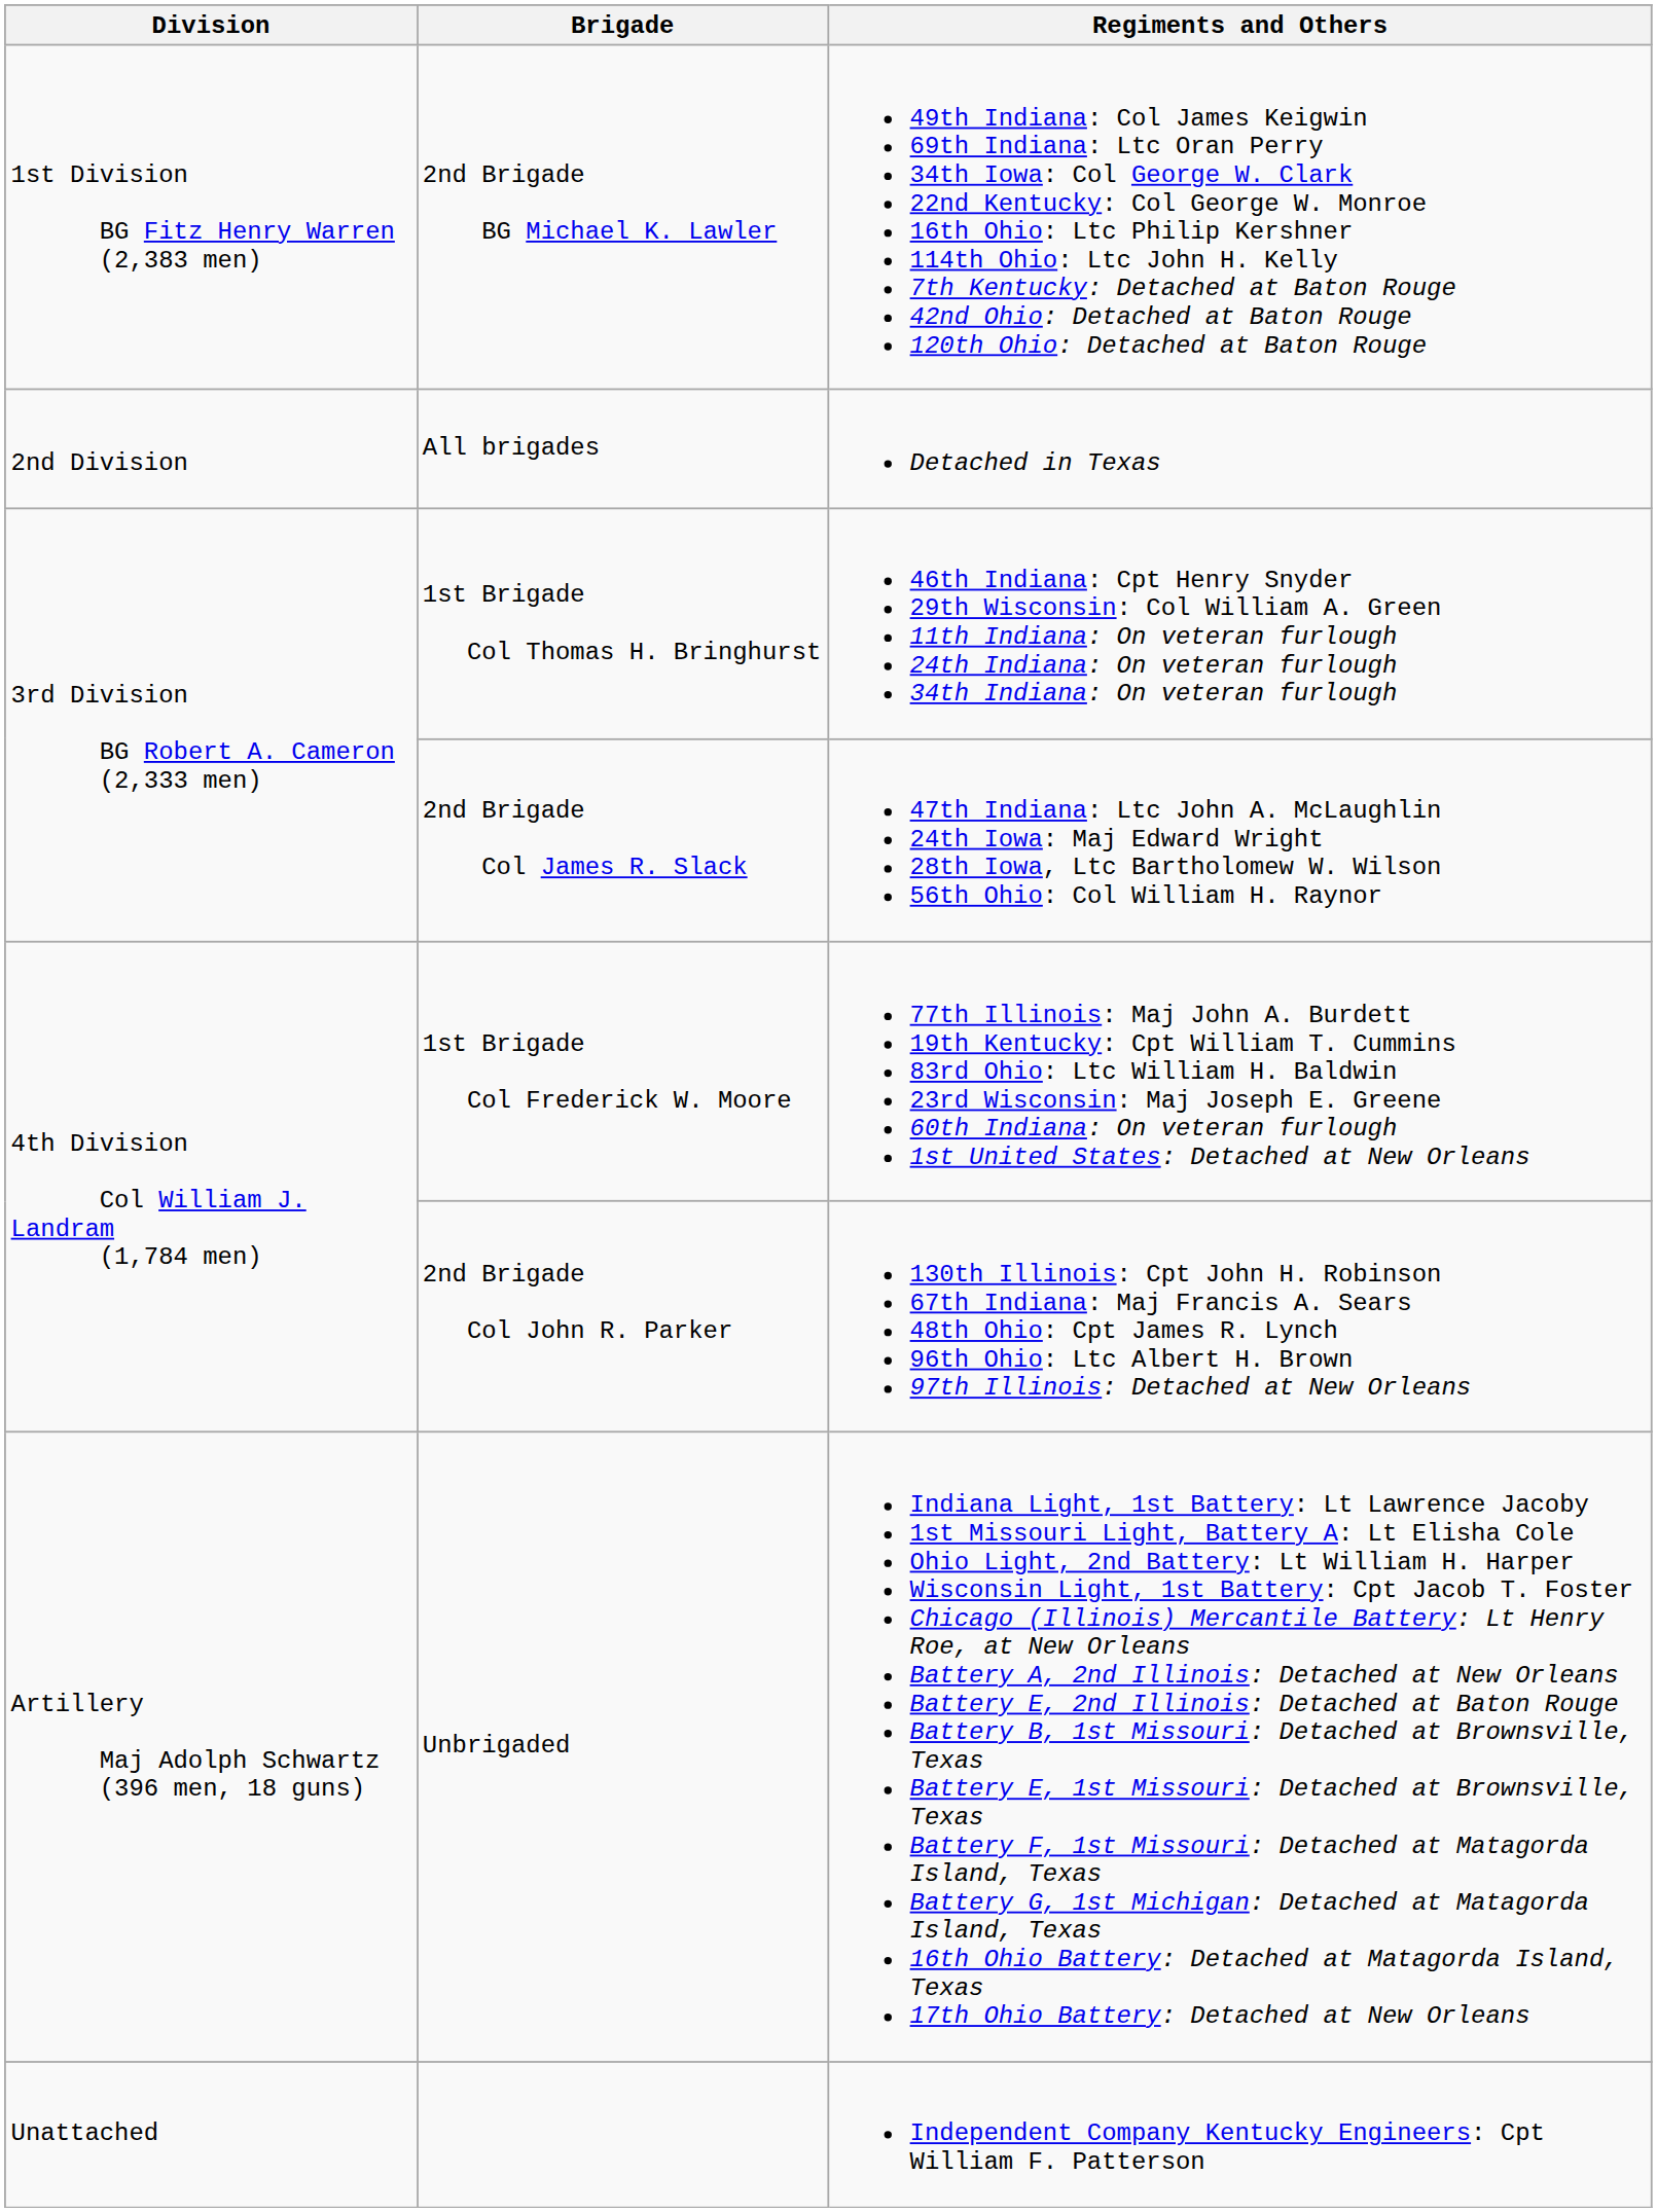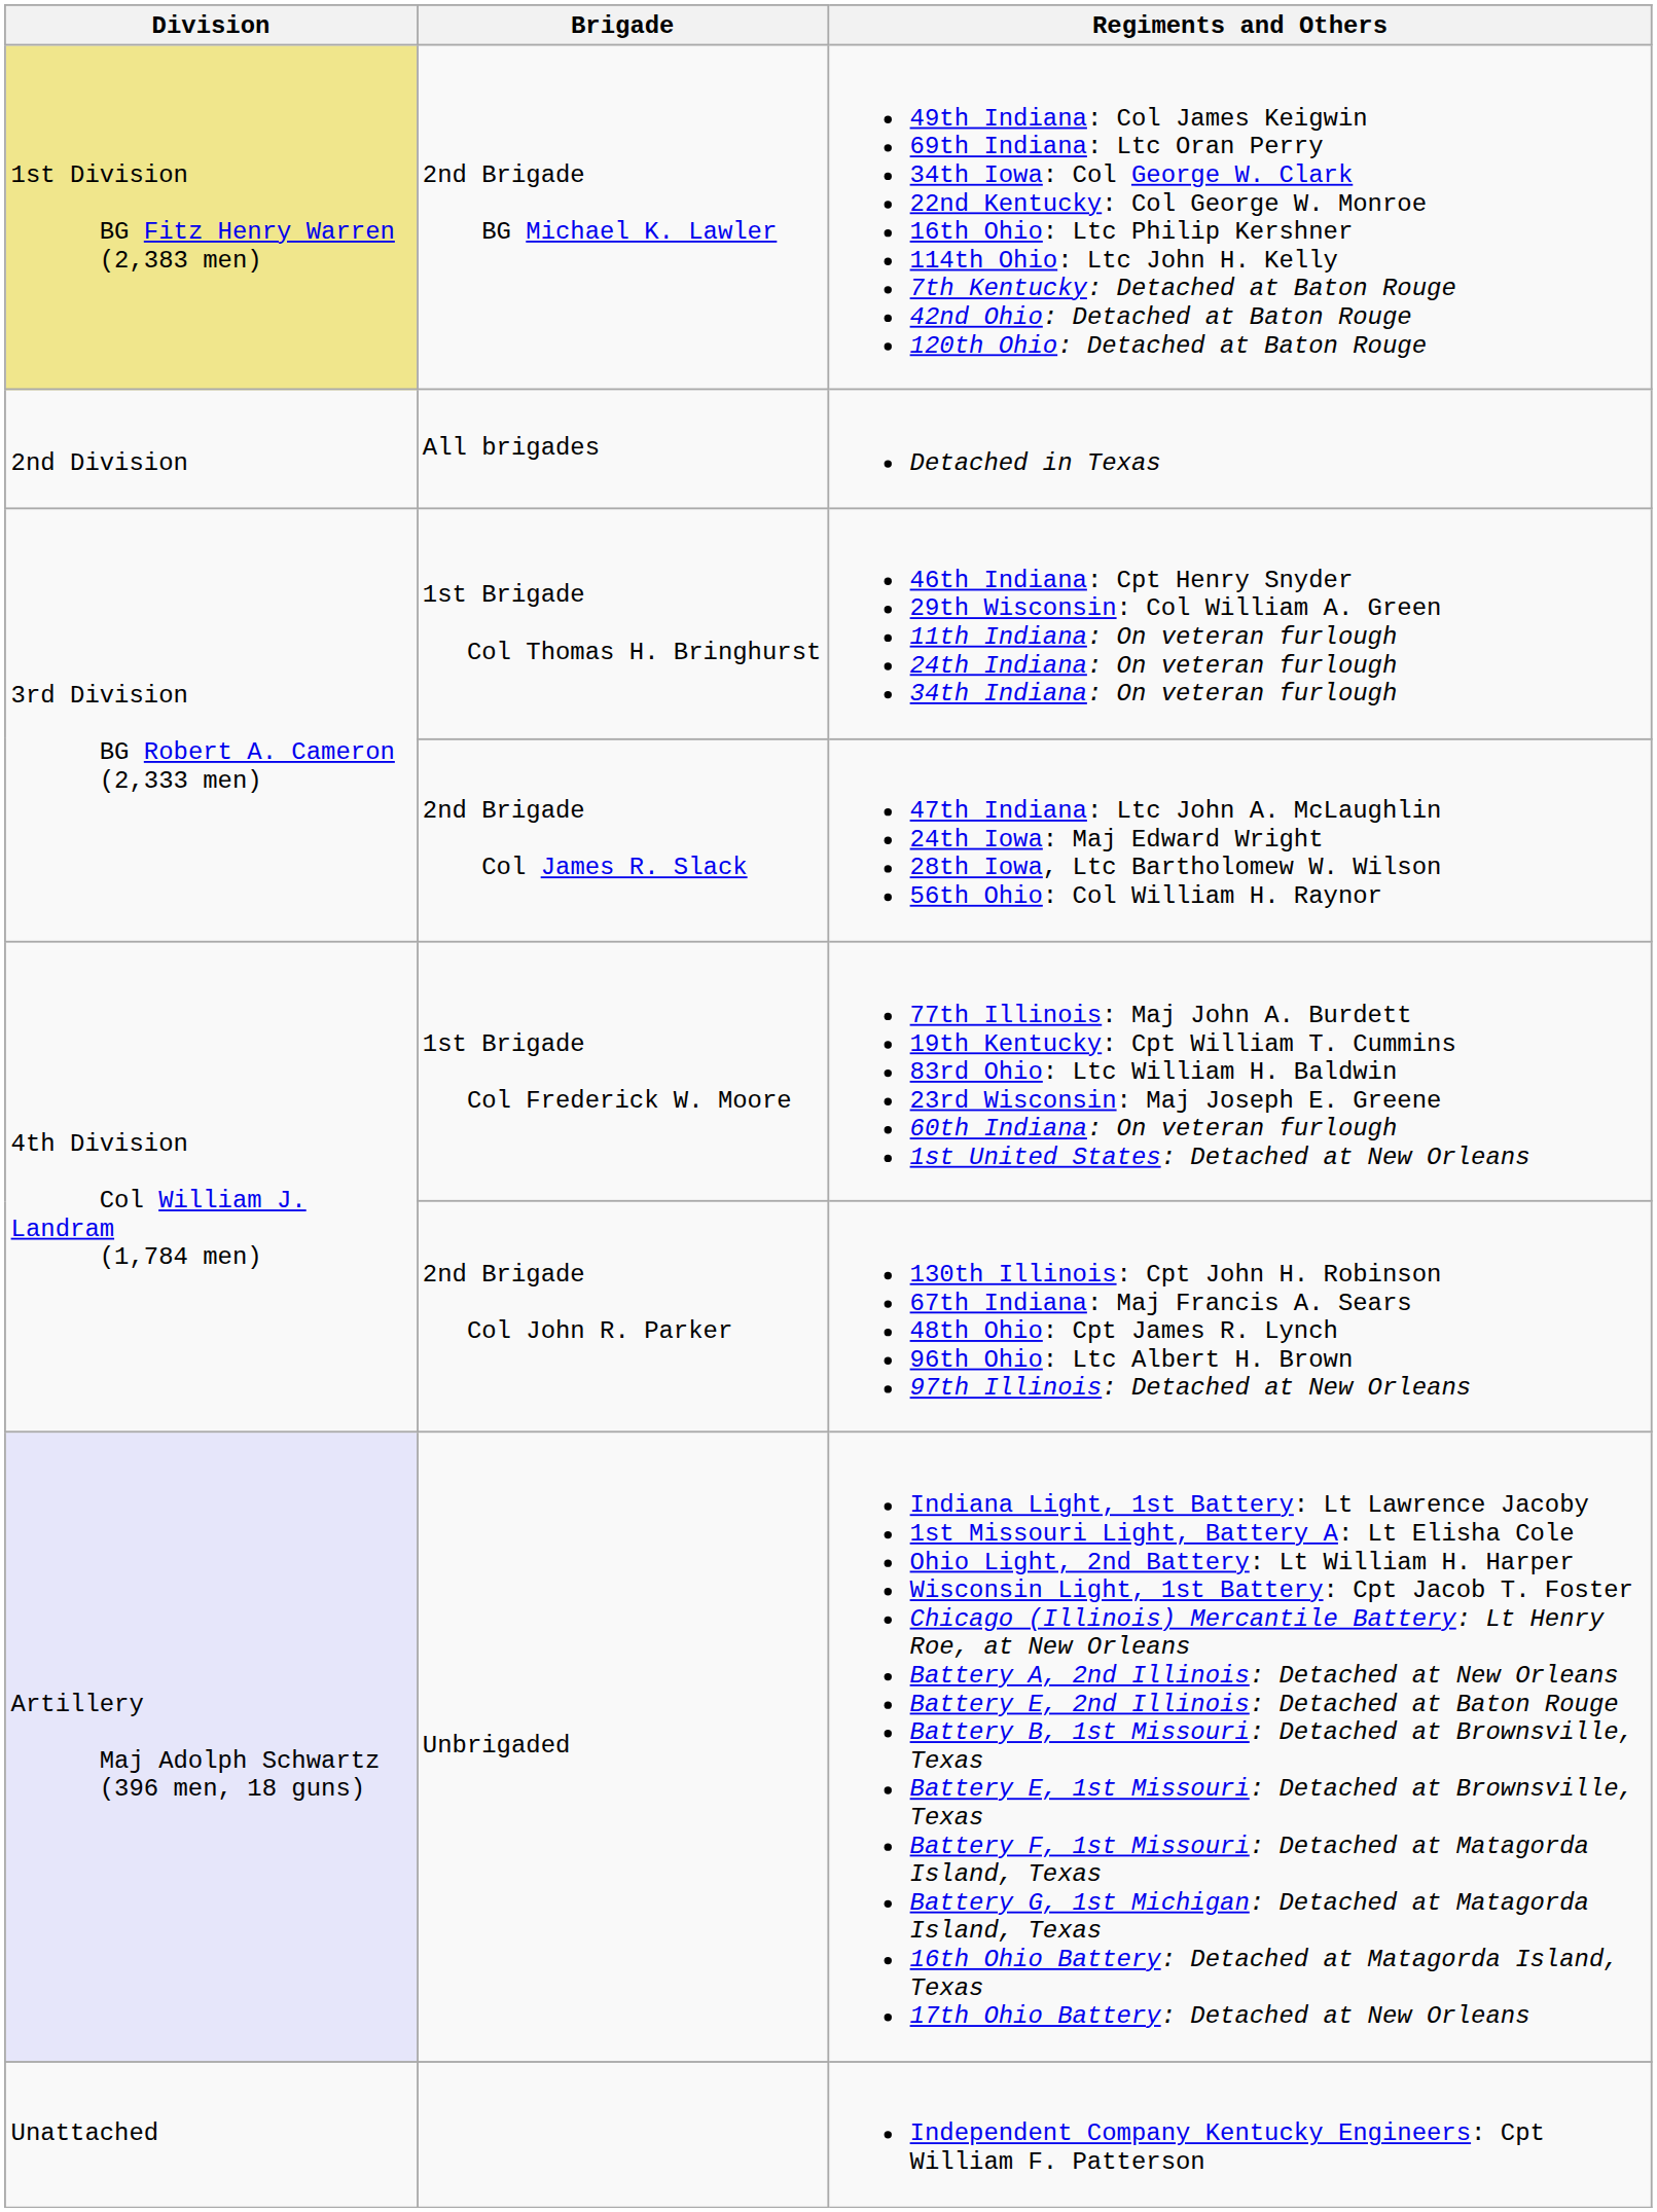 <table class="wikitable">
 <tr>
 <th width="25%">Division</th>
 <th width="25%">Brigade</th>
 <th>Regiments and Others</th>
 </tr>
 <tr>
-<td>1st Division<br><br>      BG <a href='#'>Fitz Henry Warren</a> <br>      (2,383 men)</td>
+<td style="background: khaki;">1st Division<br><br>      BG <a href='#'>Fitz Henry Warren</a> <br>      (2,383 men)</td>
 <td>2nd Brigade<br><br>    BG <a href='#'>Michael K. Lawler</a> <br>   </td>
 <td><br><ul><li><a href='#'>49th Indiana</a>: Col James Keigwin</li><li><a href='#'>69th Indiana</a>: Ltc Oran Perry</li><li><a href='#'>34th Iowa</a>: Col <a href='#'>George W. Clark</a></li><li><a href='#'>22nd Kentucky</a>: Col George W. Monroe</li><li><a href='#'>16th Ohio</a>: Ltc Philip Kershner</li><li><a href='#'>114th Ohio</a>: Ltc John H. Kelly</li><li><em><a href='#'>7th Kentucky</a>: Detached at Baton Rouge</em></li><li><em><a href='#'>42nd Ohio</a>: Detached at Baton Rouge</em></li><li><em><a href='#'>120th Ohio</a>: Detached at Baton Rouge</em></li></ul></td>
 </tr>
 <tr>
 <td rowspan=1><br>2nd Division</td>
 <td>All brigades</td>
 <td><br><ul><li><em>Detached in Texas</em></li></ul></td>
 </tr>
 <tr>
 <td rowspan="2"><br>3rd Division<br><br>      BG <a href='#'>Robert A. Cameron</a> <br>      (2,333 men)</td>
 <td>1st Brigade<br><br>   Col  Thomas H. Bringhurst</td>
 <td><br><ul><li><a href='#'>46th Indiana</a>: Cpt Henry Snyder</li><li><a href='#'>29th Wisconsin</a>:  Col William A. Green</li><li><em><a href='#'>11th Indiana</a>: On veteran furlough</em></li><li><em><a href='#'>24th Indiana</a>: On veteran furlough</em></li><li><em><a href='#'>34th Indiana</a>: On veteran furlough</em></li></ul></td>
 </tr>
 <tr>
 <td>2nd Brigade<br><br>    Col  <a href='#'>James R. Slack</a></td>
 <td><br><ul><li><a href='#'>47th Indiana</a>: Ltc John A. McLaughlin</li><li><a href='#'>24th Iowa</a>: Maj Edward Wright</li><li><a href='#'>28th Iowa</a>, Ltc Bartholomew W. Wilson</li><li><a href='#'>56th Ohio</a>: Col William H. Raynor</li></ul></td>
 </tr>
 <tr>
 <td rowspan="2"><br>4th Division<br><br>      Col <a href='#'>William J. Landram</a> <br>      (1,784 men)</td>
 <td>1st Brigade<br><br>   Col Frederick W. Moore</td>
 <td><br><ul><li><a href='#'>77th Illinois</a>: Maj John A. Burdett</li><li><a href='#'>19th Kentucky</a>: Cpt William T. Cummins</li><li><a href='#'>83rd Ohio</a>: Ltc William H. Baldwin</li><li><a href='#'>23rd Wisconsin</a>: Maj Joseph E. Greene</li><li><em><a href='#'>60th Indiana</a>: On veteran furlough</em></li><li><em><a href='#'>1st United States</a>: Detached at New Orleans</em></li></ul></td>
 </tr>
 <tr>
 <td>2nd Brigade<br><br>   Col John R. Parker <br>  </td>
 <td><br><ul><li><a href='#'>130th Illinois</a>: Cpt John H. Robinson</li><li><a href='#'>67th Indiana</a>: Maj Francis A. Sears</li><li><a href='#'>48th Ohio</a>: Cpt James R. Lynch</li><li><a href='#'>96th Ohio</a>: Ltc Albert H. Brown</li><li><em><a href='#'>97th Illinois</a>: Detached at New Orleans</em></li></ul></td>
 </tr>
 <tr>
-<td rowspan=1>Artillery<br><br>      Maj Adolph Schwartz <br>      (396 men, 18 guns)</td>
+<td rowspan=1 style="background: lavender;">Artillery<br><br>      Maj Adolph Schwartz <br>      (396 men, 18 guns)</td>
 <td>Unbrigaded</td>
 <td><br><ul><li><a href='#'>Indiana Light, 1st Battery</a>: Lt Lawrence Jacoby</li><li><a href='#'>1st Missouri Light, Battery A</a>: Lt Elisha Cole</li><li><a href='#'>Ohio Light, 2nd Battery</a>: Lt William H. Harper</li><li><a href='#'>Wisconsin Light, 1st Battery</a>: Cpt Jacob T. Foster</li><li><em><a href='#'>Chicago (Illinois) Mercantile Battery</a>: Lt Henry Roe, at New Orleans</em></li><li><em><a href='#'>Battery A, 2nd Illinois</a>: Detached at New Orleans</em></li><li><em><a href='#'>Battery E, 2nd Illinois</a>: Detached at Baton Rouge</em></li><li><em><a href='#'>Battery B, 1st Missouri</a>: Detached at Brownsville, Texas</em></li><li><em><a href='#'>Battery E, 1st Missouri</a>: Detached at Brownsville, Texas</em></li><li><em><a href='#'>Battery F, 1st Missouri</a>: Detached at Matagorda Island, Texas</em></li><li><em><a href='#'>Battery G, 1st Michigan</a>: Detached at Matagorda Island, Texas</em></li><li><em><a href='#'>16th Ohio Battery</a>: Detached at Matagorda Island, Texas</em></li><li><em><a href='#'>17th Ohio Battery</a>: Detached at New Orleans</em></li></ul></td>
 </tr>
 <tr>
 <td>Unattached</td>
 <td></td>
 <td><br><ul><li><a href='#'>Independent Company Kentucky Engineers</a>: Cpt William F. Patterson</li></ul></td>
 </tr>
 </table>
